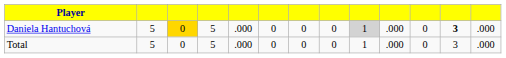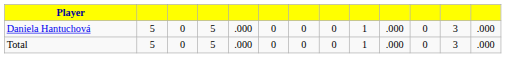 <table class="wikitable" style="text-align:center">
 <tr>
 <th style="background:yellow; color:#00009C" width="200px">Player</th>
 <th style="background:yellow; color:#00009C" width="40px"></th>
 <th style="background:yellow; color:#00009C" width="40px"></th>
 <th style="background:yellow; color:#00009C" width="40px"></th>
 <th style="background:yellow; color:#00009C" width="40px"></th>
 <th style="background:yellow; color:#00009C" width="40px"></th>
 <th style="background:yellow; color:#00009C" width="40px"></th>
 <th style="background:yellow; color:#00009C" width="40px"></th>
 <th style="background:yellow; color:#00009C" width="40px"></th>
 <th style="background:yellow; color:#00009C" width="40px"></th>
 <th style="background:yellow; color:#00009C" width="40px"></th>
 <th style="background:yellow; color:#00009C" width="40px"></th>
 <th style="background:yellow; color:#00009C" width="40px"></th>
 </tr>
 <tr>
 <td style="text-align:left"><a href='#'>Daniela Hantuchová</a></td>
 <td>5</td>
-<td style="background: gold;">0</td>
+<td>0</td>
 <td>5</td>
 <td>.000</td>
 <td>0</td>
 <td>0</td>
 <td>0</td>
-<td style="background: lightgrey;">1</td>
+<td>1</td>
 <td>.000</td>
 <td>0</td>
-<td><strong>3</strong></td>
+<td>3</td>
 <td>.000</td>
 </tr>
 <tr>
 <td style="text-align:left">Total</td>
 <td>5</td>
 <td>0</td>
 <td>5</td>
 <td>.000</td>
 <td>0</td>
 <td>0</td>
 <td>0</td>
 <td>1</td>
 <td>.000</td>
 <td>0</td>
 <td>3</td>
 <td>.000</td>
 </tr>
 </table>
